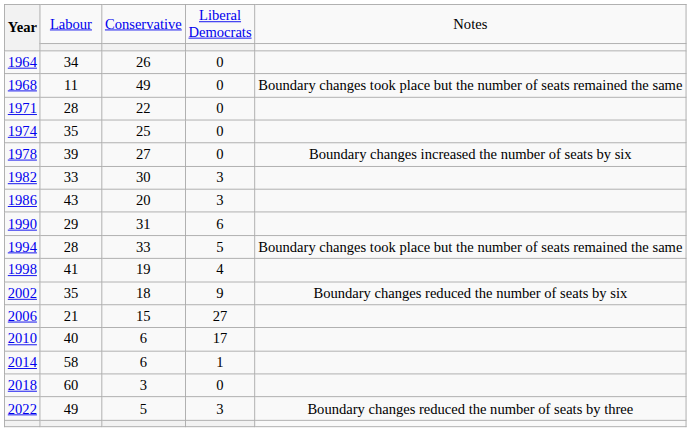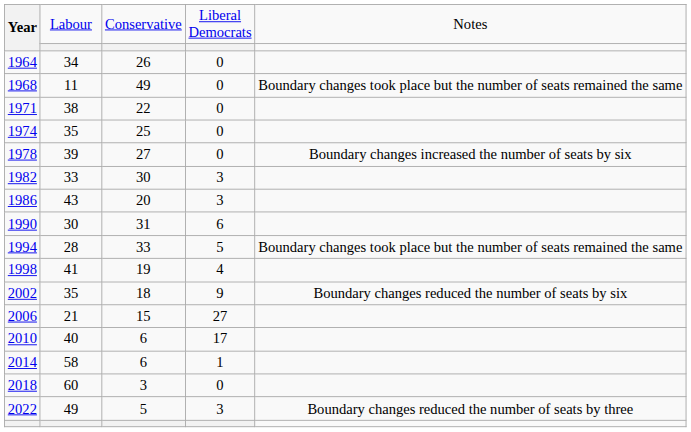 <table class=wikitable style=text-align:center>
 <tr>
 <th rowspan=2>Year</th>
 <td width="60"><a href='#'>Labour</a></td>
 <td width="60"><a href='#'>Conservative</a></td>
 <td width="60"><a href='#'>Liberal Democrats</a></td>
 <td width=>Notes</td>
 </tr>
 <tr>
 <th style="background-color: "></th>
 <th style="background-color: "></th>
 <th style="background-color: "></th>
 </tr>
 <tr>
 <td><a href='#'>1964</a></td>
 <td>34</td>
 <td>26</td>
 <td>0</td>
 <td></td>
 </tr>
 <tr>
 <td><a href='#'>1968</a></td>
 <td>11</td>
 <td>49</td>
 <td>0</td>
 <td>Boundary changes took place but the number of seats remained the same</td>
 </tr>
 <tr>
 <td><a href='#'>1971</a></td>
-<td>28</td>
+<td>38</td>
 <td>22</td>
 <td>0</td>
 <td></td>
 </tr>
 <tr>
 <td><a href='#'>1974</a></td>
 <td>35</td>
 <td>25</td>
 <td>0</td>
 <td></td>
 </tr>
 <tr>
 <td><a href='#'>1978</a></td>
 <td>39</td>
 <td>27</td>
 <td>0</td>
 <td>Boundary changes increased the number of seats by six</td>
 </tr>
 <tr>
 <td><a href='#'>1982</a></td>
 <td>33</td>
 <td>30</td>
 <td>3</td>
 <td></td>
 </tr>
 <tr>
 <td><a href='#'>1986</a></td>
 <td>43</td>
 <td>20</td>
 <td>3</td>
 <td></td>
 </tr>
 <tr>
 <td><a href='#'>1990</a></td>
-<td>29</td>
+<td>30</td>
 <td>31</td>
 <td>6</td>
 <td></td>
 </tr>
 <tr>
 <td><a href='#'>1994</a></td>
 <td>28</td>
 <td>33</td>
 <td>5</td>
 <td>Boundary changes took place but the number of seats remained the same</td>
 </tr>
 <tr>
 <td><a href='#'>1998</a></td>
 <td>41</td>
 <td>19</td>
 <td>4</td>
 <td></td>
 </tr>
 <tr>
 <td><a href='#'>2002</a></td>
 <td>35</td>
 <td>18</td>
 <td>9</td>
 <td>Boundary changes reduced the number of seats by six</td>
 </tr>
 <tr>
 <td><a href='#'>2006</a></td>
 <td>21</td>
 <td>15</td>
 <td>27</td>
 <td></td>
 </tr>
 <tr>
 <td><a href='#'>2010</a></td>
 <td>40</td>
 <td>6</td>
 <td>17</td>
 <td></td>
 </tr>
 <tr>
 <td><a href='#'>2014</a></td>
 <td>58</td>
 <td>6</td>
 <td>1</td>
 <td></td>
 </tr>
 <tr>
 <td><a href='#'>2018</a></td>
 <td>60</td>
 <td>3</td>
 <td>0</td>
 <td></td>
 </tr>
 <tr>
 <td><a href='#'>2022</a></td>
 <td>49</td>
 <td>5</td>
 <td>3</td>
 <td>Boundary changes reduced the number of seats by three</td>
 </tr>
 <tr>
 <th></th>
 <th style="background-color: "></th>
 <th style="background-color: "></th>
 <th style="background-color: "></th>
 <td></td>
 </tr>
 </table>
